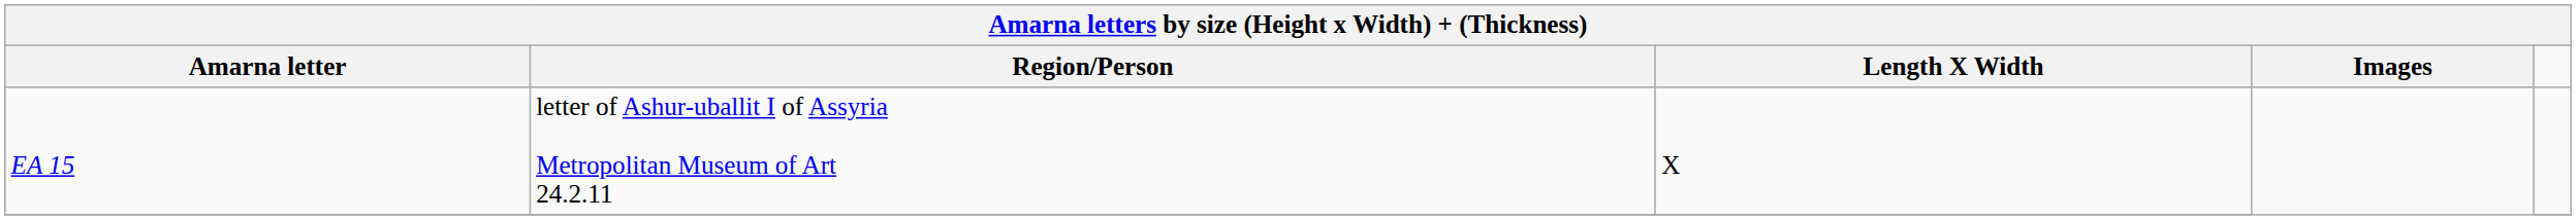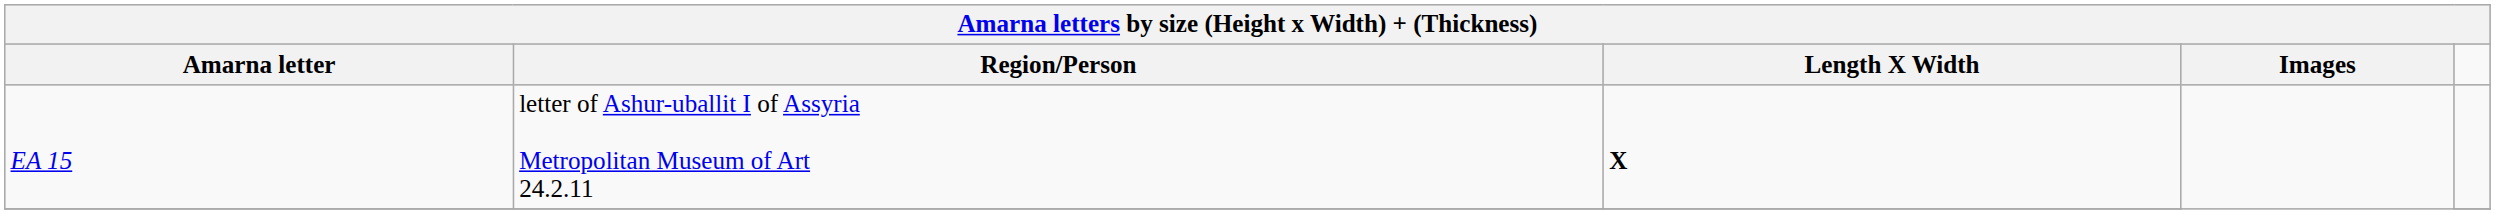 <table class="wikitable" align="center" width="100%">
 <tr>
 <th colspan="5" align="center"><strong><a href='#'>Amarna letters</a> by size (Height x Width) + (Thickness)</strong></th>
 </tr>
 <tr>
 <th>Amarna letter</th>
 <th>Region/Person</th>
 <th>Length X Width</th>
 <th>Images</th>
 </tr>
 <tr>
 <td><br><em><a href='#'>EA 15</a></em></td>
 <td>letter of <a href='#'>Ashur-uballit I</a> of <a href='#'>Assyria</a><br><br><a href='#'>Metropolitan Museum of Art</a><br> 24.2.11</td>
-<td> <br>X </td>
+<td><strong> <br>X </strong></td>
 <td rowspan="99"><br></td>
 <td></td>
 </tr>
 <tr>
 </tr>
 </table>
